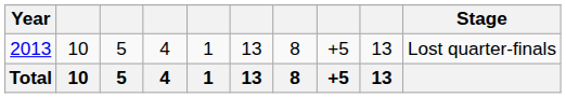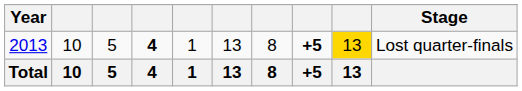 <table class="wikitable" style="text-align: center;">
 <tr>
 </tr>
 <tr>
 <th>Year</th>
 <th width=30></th>
 <th width=30></th>
 <th width=30></th>
 <th width=30></th>
 <th width=30></th>
 <th width=30></th>
 <th width=30></th>
 <th width=30></th>
 <th>Stage</th>
 </tr>
 <tr>
 <td><a href='#'>2013</a></td>
 <td>10</td>
 <td>5</td>
-<td>4</td>
+<td><strong>4</strong></td>
 <td>1</td>
 <td>13</td>
 <td>8</td>
-<td>+5</td>
-<td>13</td>
+<td><strong>+5</strong></td>
+<td style="background: gold;">13</td>
 <td>Lost quarter-finals</td>
 </tr>
 <tr>
 <th>Total</th>
 <th>10</th>
 <th>5</th>
 <th>4</th>
 <th>1</th>
 <th>13</th>
 <th>8</th>
 <th>+5</th>
 <th>13</th>
 <th></th>
 </tr>
 </table>
